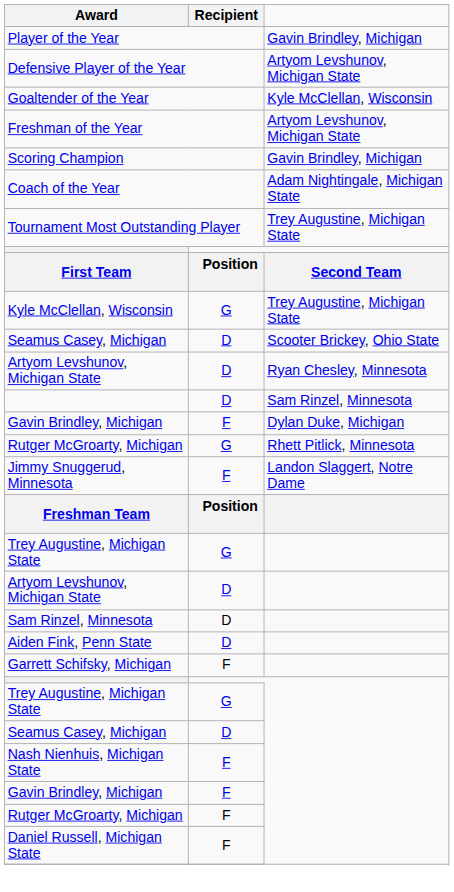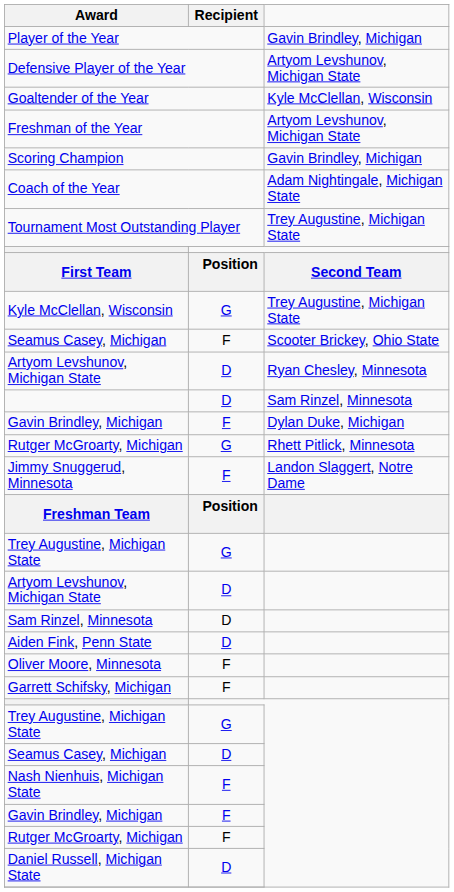 <table class="wikitable" width=40%>
 <tr>
 <th>Award</th>
 <th>Recipient </th>
 </tr>
 <tr>
 <td colspan=2><a href='#'>Player of the Year</a></td>
 <td><a href='#'>Gavin Brindley</a>, <a href='#'>Michigan</a></td>
 </tr>
 <tr>
 <td colspan=2><a href='#'>Defensive Player of the Year</a></td>
 <td><a href='#'>Artyom Levshunov</a>, <a href='#'>Michigan State</a></td>
 </tr>
 <tr>
 <td colspan=2><a href='#'>Goaltender of the Year</a></td>
 <td><a href='#'>Kyle McClellan</a>, <a href='#'>Wisconsin</a></td>
 </tr>
 <tr>
 <td colspan=2><a href='#'>Freshman of the Year</a></td>
 <td><a href='#'>Artyom Levshunov</a>, <a href='#'>Michigan State</a></td>
 </tr>
 <tr>
 <td colspan=2><a href='#'>Scoring Champion</a></td>
 <td><a href='#'>Gavin Brindley</a>, <a href='#'>Michigan</a></td>
 </tr>
 <tr>
 <td colspan=2><a href='#'>Coach of the Year</a></td>
 <td><a href='#'>Adam Nightingale</a>, <a href='#'>Michigan State</a></td>
 </tr>
 <tr>
 <td colspan=2><a href='#'>Tournament Most Outstanding Player</a></td>
 <td><a href='#'>Trey Augustine</a>, <a href='#'>Michigan State</a></td>
 </tr>
 <tr>
 <th><a href='#'></a></th>
 </tr>
 <tr>
 <th><a href='#'>First Team</a></th>
 <th>  Position  </th>
 <th><a href='#'>Second Team</a></th>
 </tr>
 <tr>
 <td><a href='#'>Kyle McClellan</a>, <a href='#'>Wisconsin</a></td>
 <td align=center><a href='#'>G</a></td>
 <td><a href='#'>Trey Augustine</a>, <a href='#'>Michigan State</a></td>
 </tr>
 <tr>
 <td><a href='#'>Seamus Casey</a>, <a href='#'>Michigan</a></td>
-<td align=center><a href='#'>D</a></td>
+<td align=center>F</td>
 <td><a href='#'>Scooter Brickey</a>, <a href='#'>Ohio State</a></td>
 </tr>
 <tr>
 <td><a href='#'>Artyom Levshunov</a>, <a href='#'>Michigan State</a></td>
 <td align=center><a href='#'>D</a></td>
 <td><a href='#'>Ryan Chesley</a>, <a href='#'>Minnesota</a></td>
 </tr>
 <tr>
 <td></td>
 <td align=center><a href='#'>D</a></td>
 <td><a href='#'>Sam Rinzel</a>, <a href='#'>Minnesota</a></td>
 </tr>
 <tr>
 <td><a href='#'>Gavin Brindley</a>, <a href='#'>Michigan</a></td>
 <td align=center><a href='#'>F</a></td>
 <td><a href='#'>Dylan Duke</a>, <a href='#'>Michigan</a></td>
 </tr>
 <tr>
 <td><a href='#'>Rutger McGroarty</a>, <a href='#'>Michigan</a></td>
 <td align=center><a href='#'>G</a></td>
 <td><a href='#'>Rhett Pitlick</a>, <a href='#'>Minnesota</a></td>
 </tr>
 <tr>
 <td><a href='#'>Jimmy Snuggerud</a>, <a href='#'>Minnesota</a></td>
 <td align=center><a href='#'>F</a></td>
 <td><a href='#'>Landon Slaggert</a>, <a href='#'>Notre Dame</a></td>
 </tr>
 <tr>
 <th><a href='#'>Freshman Team</a></th>
 <th>  Position  </th>
 <th></th>
 </tr>
 <tr>
 <td><a href='#'>Trey Augustine</a>, <a href='#'>Michigan State</a></td>
 <td align=center><a href='#'>G</a></td>
 <td></td>
 </tr>
 <tr>
 <td><a href='#'>Artyom Levshunov</a>, <a href='#'>Michigan State</a></td>
 <td align=center><a href='#'>D</a></td>
 <td></td>
 </tr>
 <tr>
 <td><a href='#'>Sam Rinzel</a>, <a href='#'>Minnesota</a></td>
 <td align=center>D</td>
 <td></td>
 </tr>
 <tr>
 <td><a href='#'>Aiden Fink</a>, <a href='#'>Penn State</a></td>
 <td align=center><a href='#'>D</a></td>
 <td></td>
 </tr>
 <tr>
+<td><a href='#'>Oliver Moore</a>, <a href='#'>Minnesota</a></td>
+<td align=center>F</td>
+<td></td>
+</tr>
+<tr>
 <td><a href='#'>Garrett Schifsky</a>, <a href='#'>Michigan</a></td>
 <td align=center>F</td>
 <td></td>
 </tr>
 <tr>
 <th><a href='#'></a></th>
 </tr>
 <tr>
 <td><a href='#'>Trey Augustine</a>, <a href='#'>Michigan State</a></td>
 <td align=center><a href='#'>G</a></td>
 </tr>
 <tr>
 <td><a href='#'>Seamus Casey</a>, <a href='#'>Michigan</a></td>
 <td align=center><a href='#'>D</a></td>
 </tr>
 <tr>
 <td><a href='#'>Nash Nienhuis</a>, <a href='#'>Michigan State</a></td>
 <td align=center><a href='#'>F</a></td>
 </tr>
 <tr>
 <td><a href='#'>Gavin Brindley</a>, <a href='#'>Michigan</a></td>
 <td align=center><a href='#'>F</a></td>
 </tr>
 <tr>
 <td><a href='#'>Rutger McGroarty</a>, <a href='#'>Michigan</a></td>
 <td align=center>F</td>
 </tr>
 <tr>
 <td><a href='#'>Daniel Russell</a>, <a href='#'>Michigan State</a></td>
-<td align=center>F</td>
+<td align=center><a href='#'>D</a></td>
 </tr>
 <tr>
 </tr>
 </table>
